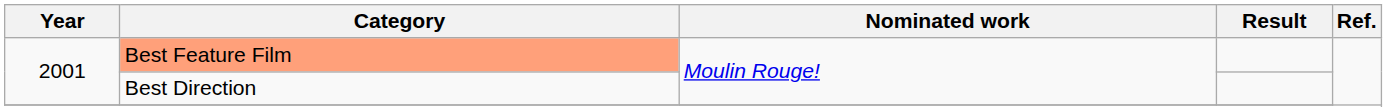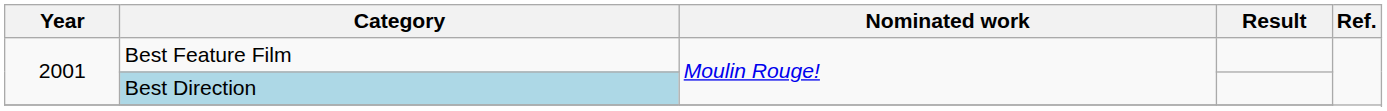 <table class=wikitable>
 <tr>
 <th scope="col" style="width:5em;">Year</th>
 <th scope="col" style="width:26em;">Category</th>
 <th scope="col" style="width:25em;">Nominated work</th>
 <th scope="col" style="width:5em;">Result</th>
 <th>Ref.</th>
 </tr>
 <tr>
 <td rowspan=2, style="text-align:center;">2001</td>
-<td style="background: lightsalmon;">Best Feature Film</td>
+<td>Best Feature Film</td>
 <td rowspan="2"><em><a href='#'>Moulin Rouge!</a></em></td>
 <td></td>
 </tr>
 <tr>
-<td>Best Direction</td>
+<td style="background: lightblue;">Best Direction</td>
 <td></td>
 </tr>
 <tr>
 </tr>
 </table>
